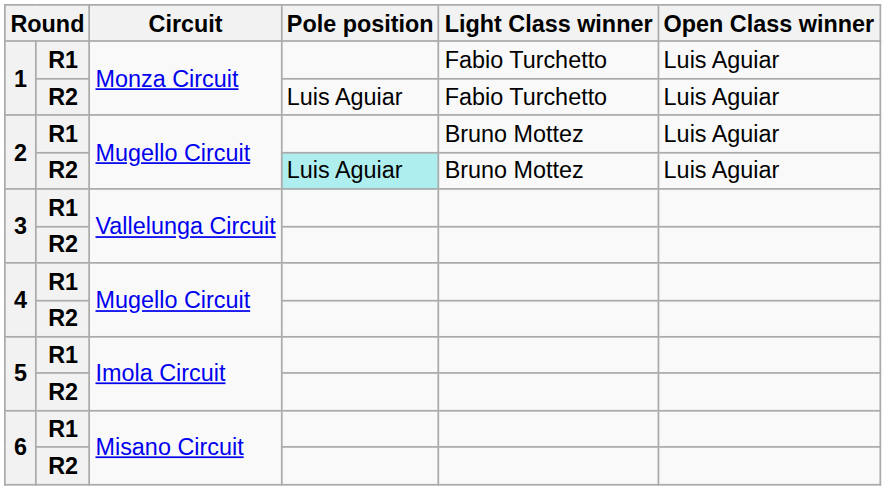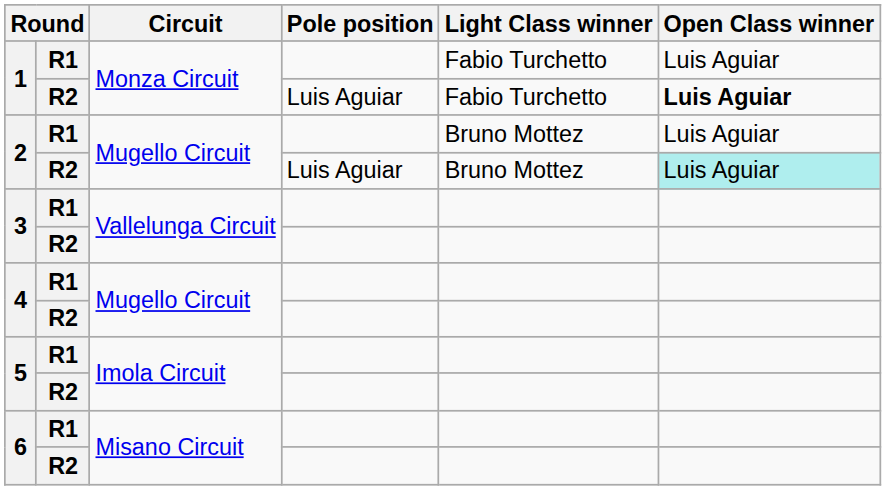 <table class="wikitable" style="font-size:85%">
 <tr>
 <th colspan="2">Round</th>
 <th>Circuit</th>
 <th>Pole position</th>
 <th>Light Class winner</th>
 <th>Open Class winner</th>
 </tr>
 <tr>
 <th rowspan="2">1</th>
 <th>R1</th>
 <td rowspan="2"> <a href='#'>Monza Circuit</a></td>
 <td nowrap=""></td>
 <td> Fabio Turchetto</td>
 <td> Luis Aguiar</td>
 </tr>
 <tr>
 <th>R2</th>
 <td> Luis Aguiar</td>
 <td> Fabio Turchetto</td>
-<td> Luis Aguiar</td>
+<td><strong> Luis Aguiar</strong></td>
 </tr>
 <tr>
 <th rowspan="2">2</th>
 <th>R1</th>
 <td rowspan="2"> <a href='#'>Mugello Circuit</a></td>
 <td></td>
 <td> Bruno Mottez</td>
 <td> Luis Aguiar</td>
 </tr>
 <tr>
 <th>R2</th>
+<td> Luis Aguiar</td>
+<td> Bruno Mottez</td>
 <td style="background: paleturquoise;"> Luis Aguiar</td>
-<td> Bruno Mottez</td>
-<td> Luis Aguiar</td>
 </tr>
 <tr>
 <th rowspan="2">3</th>
 <th>R1</th>
 <td rowspan="2"> <a href='#'>Vallelunga Circuit</a></td>
 <td></td>
 <td></td>
 <td></td>
 </tr>
 <tr>
 <th>R2</th>
 <td></td>
 <td></td>
 <td></td>
 </tr>
 <tr>
 <th rowspan="2">4</th>
 <th>R1</th>
 <td rowspan="2"> <a href='#'>Mugello Circuit</a></td>
 <td></td>
 <td></td>
 <td></td>
 </tr>
 <tr>
 <th>R2</th>
 <td></td>
 <td></td>
 <td></td>
 </tr>
 <tr>
 <th rowspan="2">5</th>
 <th>R1</th>
 <td rowspan="2"> <a href='#'>Imola Circuit</a></td>
 <td></td>
 <td></td>
 <td></td>
 </tr>
 <tr>
 <th>R2</th>
 <td></td>
 <td></td>
 <td></td>
 </tr>
 <tr>
 <th rowspan="2">6</th>
 <th>R1</th>
 <td rowspan="2"> <a href='#'>Misano Circuit</a></td>
 <td></td>
 <td></td>
 <td></td>
 </tr>
 <tr>
 <th>R2</th>
 <td></td>
 <td></td>
 <td></td>
 </tr>
 </table>
